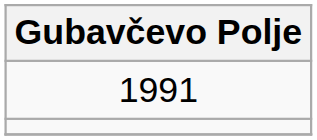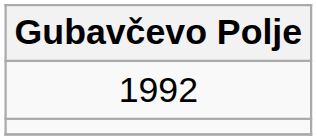 <table class="wikitable" style="margin: 0.5em auto; text-align: center;">
 <tr>
 <th colspan="1">Gubavčevo Polje</th>
 </tr>
 <tr>
-<td>1991</td>
+<td>1992</td>
 </tr>
 <tr>
 <td></td>
 </tr>
 <tr>
 </tr>
 </table>
